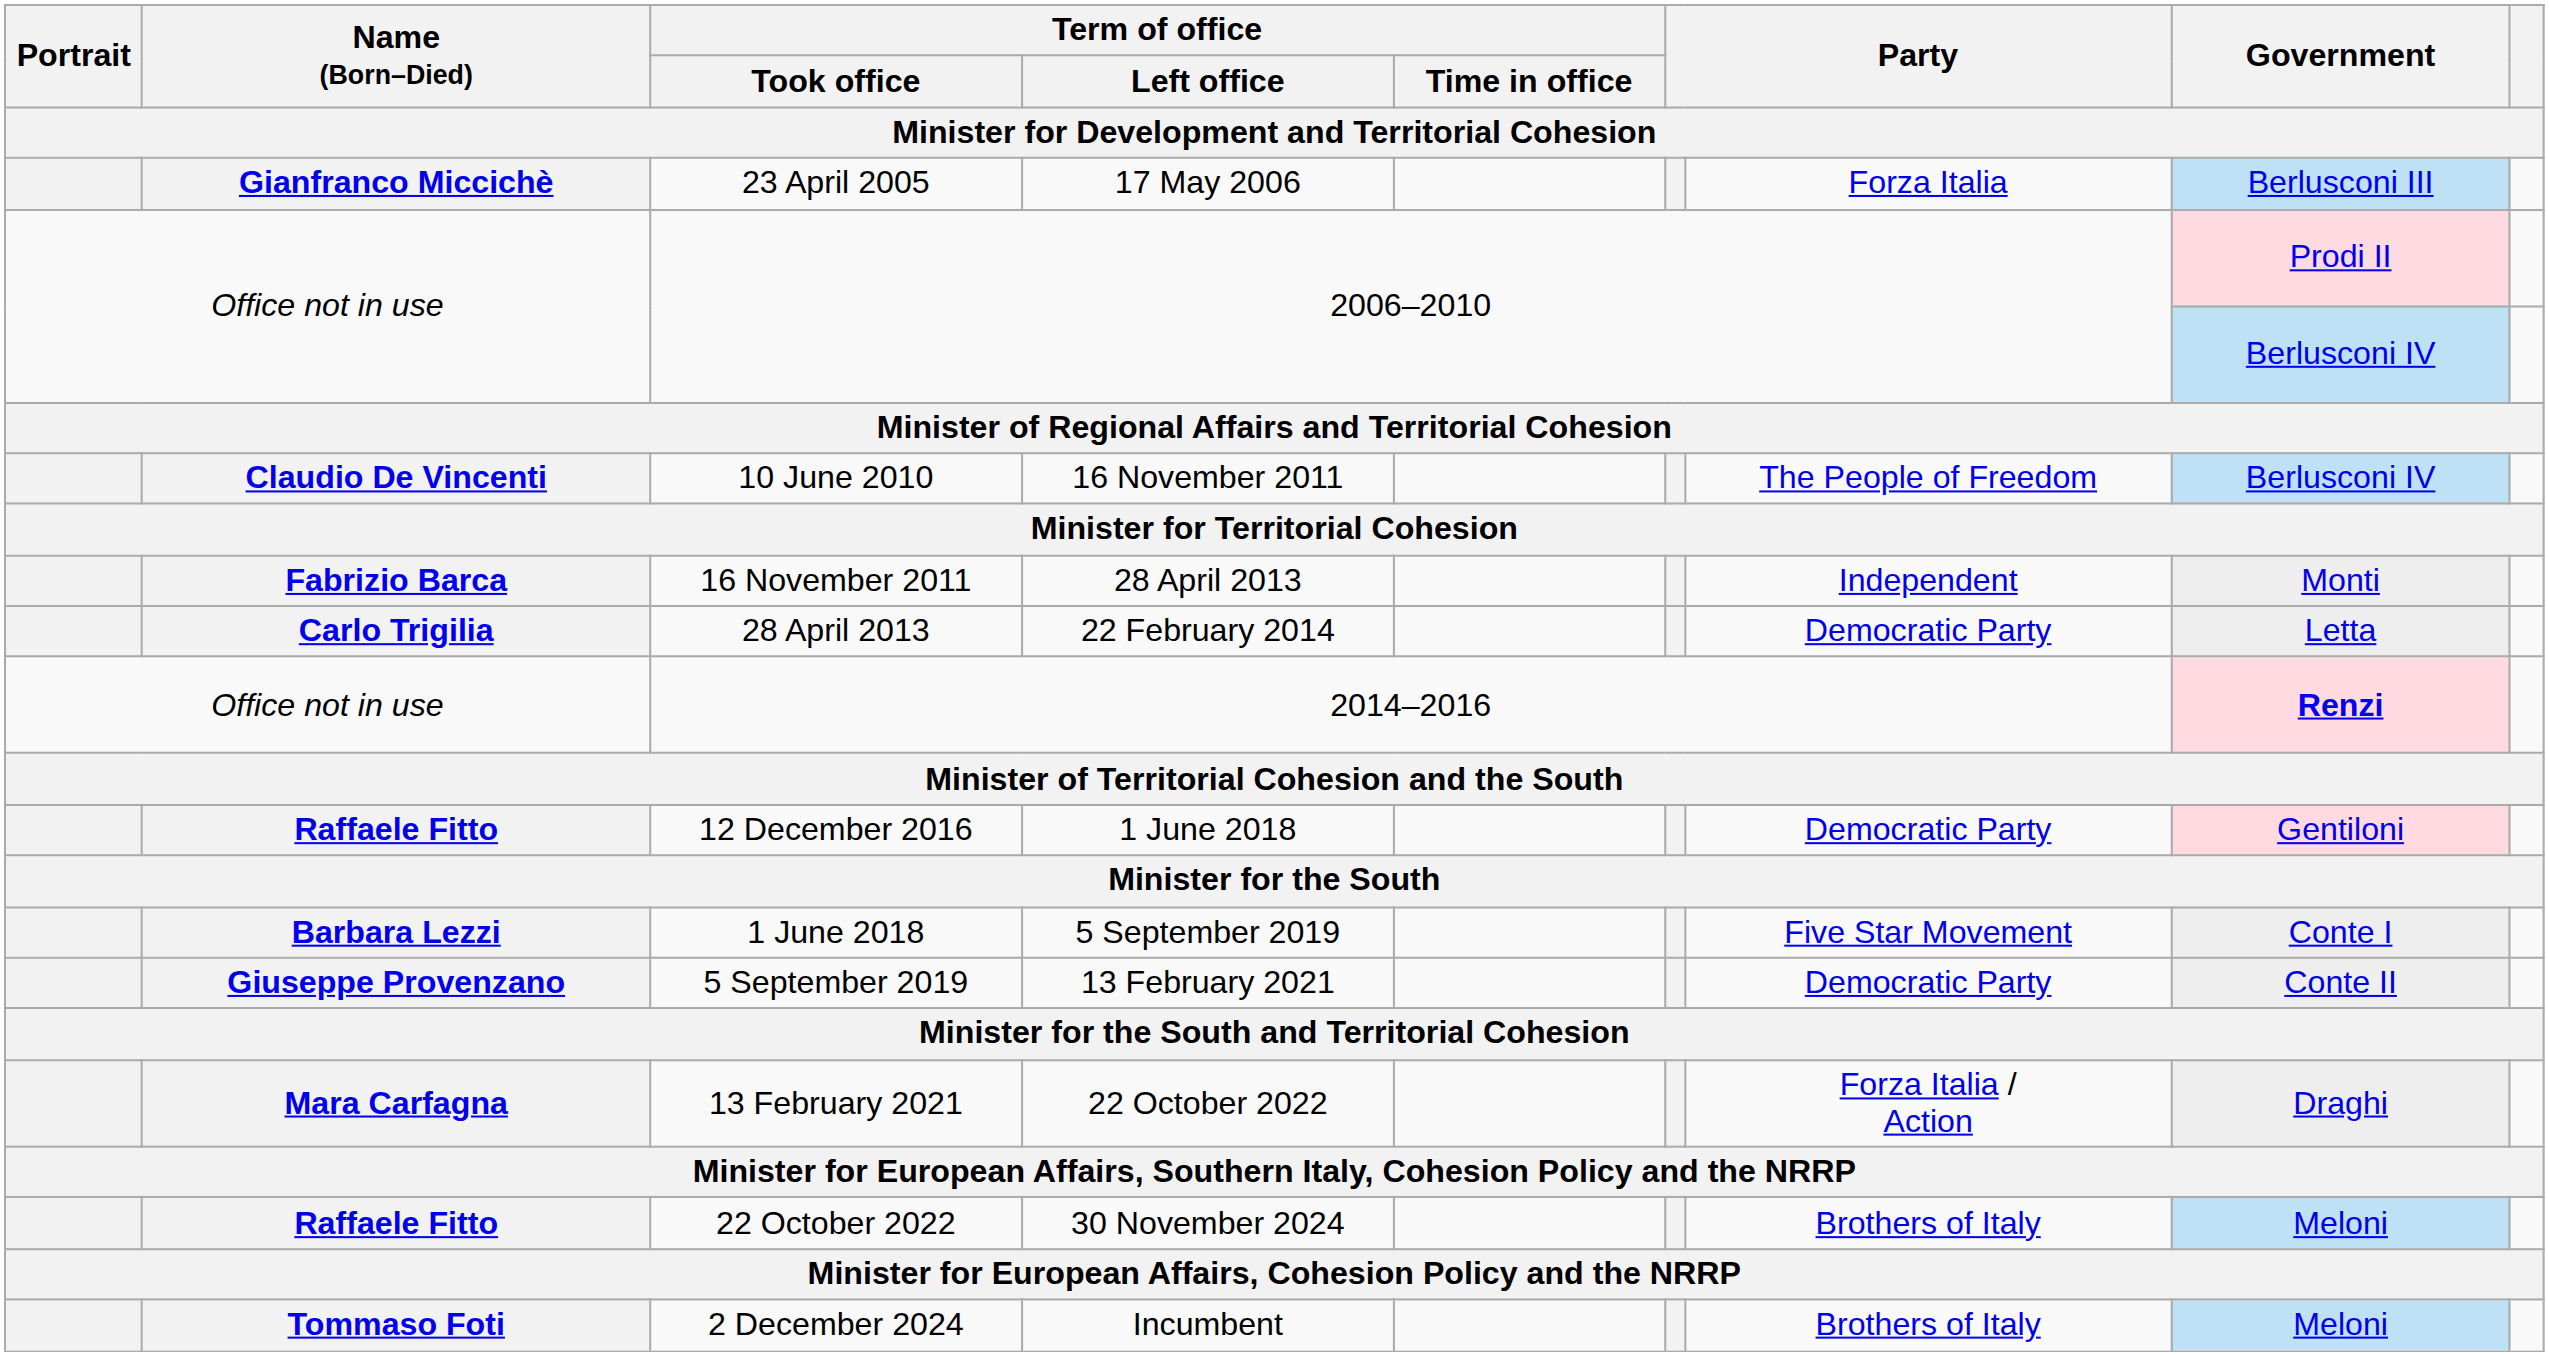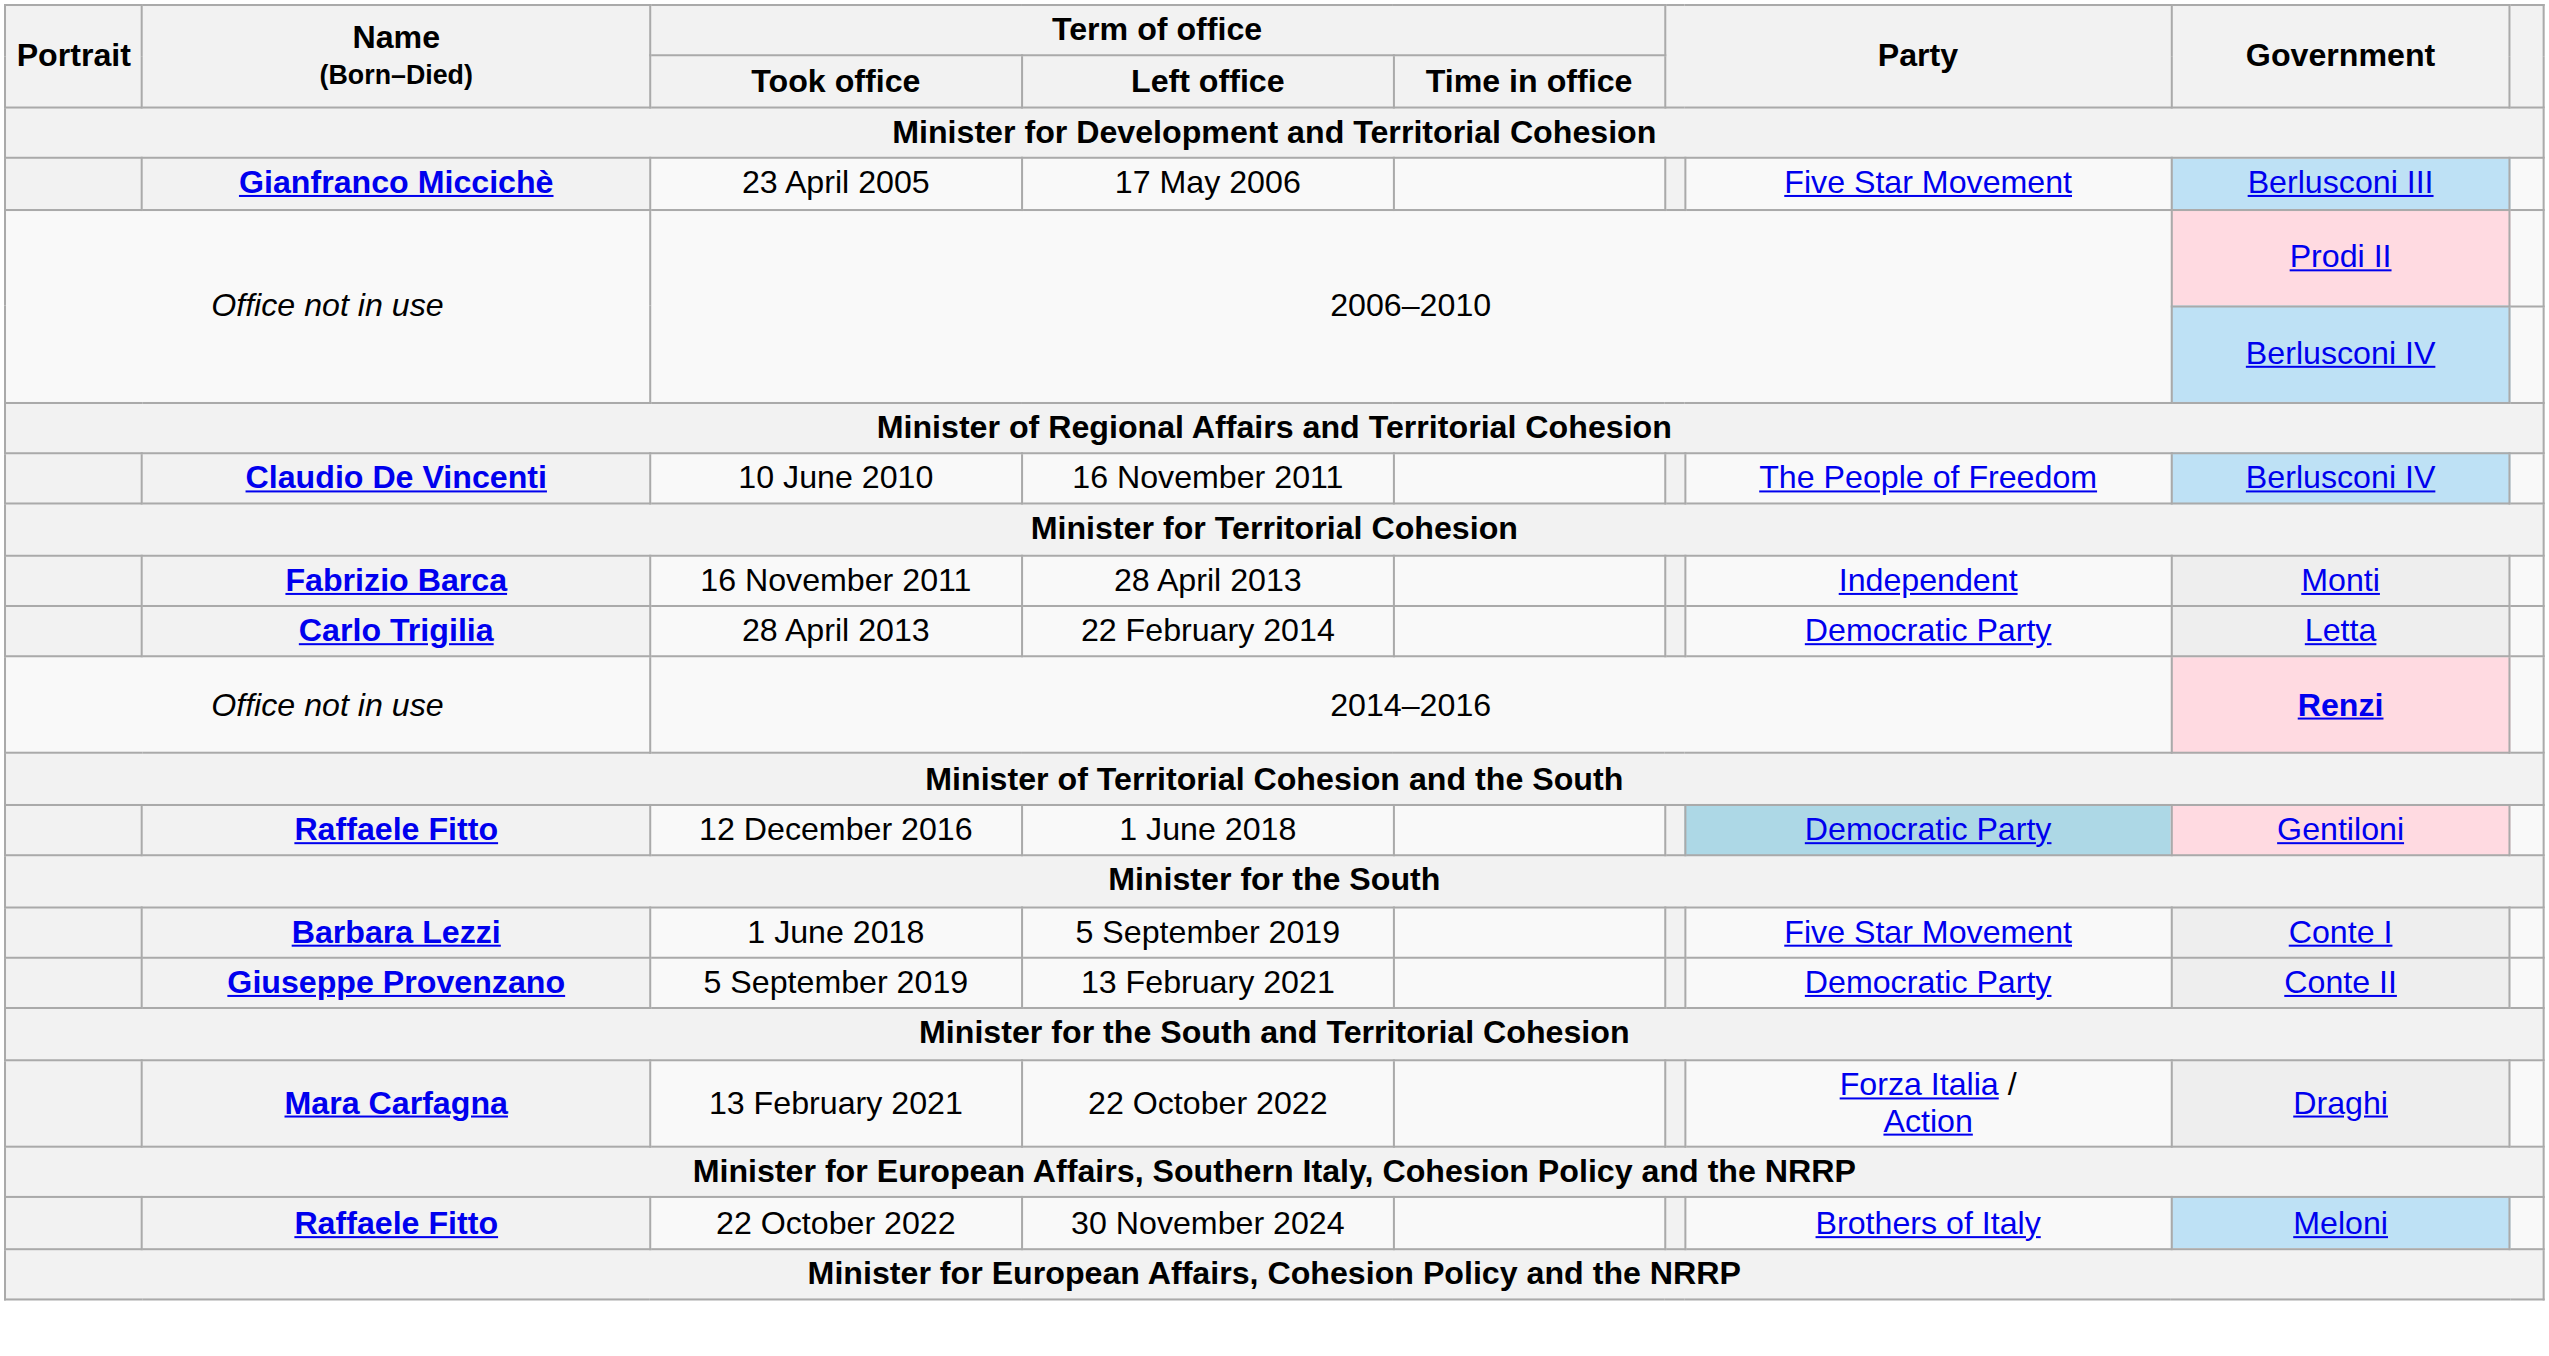 <table class="wikitable" style="text-align:center; style="width=100%">
 <tr>
 <th width=1% rowspan=2>Portrait</th>
 <th width=15% rowspan=2>Name<br><small>(Born–Died)</small></th>
 <th width=30% colspan=3>Term of office</th>
 <th width=15% rowspan=2 colspan=2>Party</th>
 <th width=10% rowspan=2>Government</th>
 <th width=1% rowspan=2></th>
 </tr>
 <tr style="text-align:center;">
 <th width=11%>Took office</th>
 <th width=11%>Left office</th>
 <th width=8%>Time in office</th>
 </tr>
 <tr>
 <th colspan=9>Minister for Development and Territorial Cohesion</th>
 </tr>
 <tr>
 <th></th>
 <th scope="row" style="font-weight:normal"><strong><a href='#'>Gianfranco Miccichè</a></strong><br></th>
 <td>23 April 2005</td>
 <td>17 May 2006</td>
 <td></td>
 <th style="background:"></th>
-<td><a href='#'>Forza Italia</a></td>
+<td><a href='#'>Five Star Movement</a></td>
 <td bgcolor=#BEE1F5><a href='#'>Berlusconi III</a></td>
 <td></td>
 </tr>
 <tr style="height:3em;">
 <td rowspan=2 colspan=2><em>Office not in use</em></td>
 <td rowspan=2 colspan=5 align="center">2006–2010</td>
 <td bgcolor=#FFDAE1><a href='#'>Prodi II</a></td>
 <td></td>
 </tr>
 <tr style="height:3em;">
 <td bgcolor=#BEE1F5><a href='#'>Berlusconi IV</a></td>
 <td></td>
 </tr>
 <tr>
 <th colspan=9>Minister of Regional Affairs and Territorial Cohesion</th>
 </tr>
 <tr>
 <th></th>
 <th scope="row" style="font-weight:normal"><strong><a href='#'>Claudio De Vincenti</a></strong><br></th>
 <td>10 June 2010</td>
 <td>16 November 2011</td>
 <td></td>
 <th style="background:"></th>
 <td><a href='#'>The People of Freedom</a></td>
 <td bgcolor=#BEE1F5><a href='#'>Berlusconi IV</a></td>
 <td></td>
 </tr>
 <tr>
 <th colspan=9>Minister for Territorial Cohesion</th>
 </tr>
 <tr>
 <th></th>
 <th scope="row" style="font-weight:normal"><strong><a href='#'>Fabrizio Barca</a></strong><br></th>
 <td>16 November 2011</td>
 <td>28 April 2013</td>
 <td></td>
 <th style="background:"></th>
 <td><a href='#'>Independent</a></td>
 <td bgcolor=#EEEEEE><a href='#'>Monti</a></td>
 <td></td>
 </tr>
 <tr>
 <th></th>
 <th scope="row" style="font-weight:normal"><strong><a href='#'>Carlo Trigilia</a></strong><br></th>
 <td>28 April 2013</td>
 <td>22 February 2014</td>
 <td></td>
 <th style="background:"></th>
 <td><a href='#'>Democratic Party</a></td>
 <td bgcolor=#EEEEEE><a href='#'>Letta</a></td>
 <td></td>
 </tr>
 <tr style="height:3em;">
 <td colspan=2><em>Office not in use</em></td>
 <td colspan=5 align="center">2014–2016</td>
 <td bgcolor=#FFDAE1><strong><a href='#'>Renzi</a></strong></td>
 <td></td>
 </tr>
 <tr>
 <th colspan=9>Minister of Territorial Cohesion and the South</th>
 </tr>
 <tr>
 <th></th>
 <th scope="row" style="font-weight:normal"><strong><a href='#'>Raffaele Fitto</a></strong><br></th>
 <td>12 December 2016</td>
 <td>1 June 2018</td>
 <td></td>
 <th style="background:"></th>
-<td><a href='#'>Democratic Party</a></td>
+<td style="background: lightblue;"><a href='#'>Democratic Party</a></td>
 <td bgcolor=#FFDAE1><a href='#'>Gentiloni</a></td>
 <td></td>
 </tr>
 <tr>
 <th colspan=9>Minister for the South</th>
 </tr>
 <tr>
 <th></th>
 <th scope="row" style="font-weight:normal"><strong><a href='#'>Barbara Lezzi</a></strong><br></th>
 <td>1 June 2018</td>
 <td>5 September 2019</td>
 <td></td>
 <th style="background:"></th>
 <td><a href='#'>Five Star Movement</a></td>
 <td bgcolor=#EEEEEE><a href='#'>Conte I</a></td>
 <td></td>
 </tr>
 <tr>
 <th></th>
 <th scope="row" style="font-weight:normal"><strong><a href='#'>Giuseppe Provenzano</a></strong><br></th>
 <td>5 September 2019</td>
 <td>13 February 2021</td>
 <td></td>
 <th style="background:"></th>
 <td><a href='#'>Democratic Party</a></td>
 <td bgcolor=#EEEEEE><a href='#'>Conte II</a></td>
 <td></td>
 </tr>
 <tr>
 <th colspan=9>Minister for the South and Territorial Cohesion</th>
 </tr>
 <tr>
 <th></th>
 <th scope="row" style="font-weight:normal"><strong><a href='#'>Mara Carfagna</a></strong><br></th>
 <td>13 February 2021</td>
 <td>22 October 2022</td>
 <td></td>
 <th style="background:"></th>
 <td><a href='#'>Forza Italia</a> /<br><a href='#'>Action</a></td>
 <td bgcolor=#EEEEEE><a href='#'>Draghi</a></td>
 <td></td>
 </tr>
 <tr>
 <th colspan=9>Minister for European Affairs, Southern Italy, Cohesion Policy and the NRRP</th>
 </tr>
 <tr>
 <th></th>
 <th scope="row" style="font-weight:normal"><strong><a href='#'>Raffaele Fitto</a></strong><br></th>
 <td>22 October 2022</td>
 <td>30 November 2024</td>
 <td></td>
 <th style="background:"></th>
 <td><a href='#'>Brothers of Italy</a></td>
 <td bgcolor=#BEE1F5><a href='#'>Meloni</a></td>
 <td></td>
 </tr>
 <tr>
 <th colspan=9>Minister for European Affairs, Cohesion Policy and the NRRP</th>
 </tr>
-<tr>
-<th></th>
-<th scope="row" style="font-weight:normal"><strong><a href='#'>Tommaso Foti</a></strong><br></th>
-<td>2 December 2024</td>
-<td>Incumbent</td>
-<td></td>
-<th style="background:"></th>
-<td><a href='#'>Brothers of Italy</a></td>
-<td bgcolor=#BEE1F5><a href='#'>Meloni</a></td>
-<td></td>
-</tr>
 </table>
